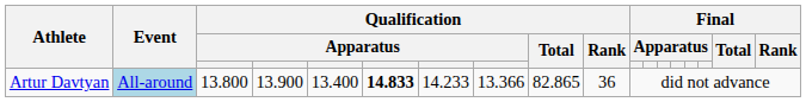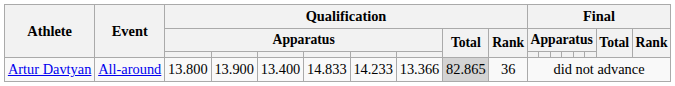 <table class="wikitable" style="font-size:90%">
 <tr>
 <th rowspan=3>Athlete</th>
 <th rowspan=3>Event</th>
 <th colspan =8>Qualification</th>
 <th colspan =8>Final</th>
 </tr>
 <tr style="font-size:95%">
 <th colspan=6>Apparatus</th>
 <th rowspan=2>Total</th>
 <th rowspan=2>Rank</th>
 <th colspan=6>Apparatus</th>
 <th rowspan=2>Total</th>
 <th rowspan=2>Rank</th>
 </tr>
 <tr style="font-size:95%">
 <th></th>
 <th></th>
 <th></th>
 <th></th>
 <th></th>
 <th></th>
 <th></th>
 <th></th>
 <th></th>
 <th></th>
 <th></th>
 <th></th>
 </tr>
 <tr align=center>
 <td align=left><a href='#'>Artur Davtyan</a></td>
-<td align=left style="background: lightblue;"><a href='#'>All-around</a></td>
+<td align=left><a href='#'>All-around</a></td>
 <td>13.800</td>
 <td>13.900</td>
 <td>13.400</td>
-<td><strong>14.833</strong></td>
+<td>14.833</td>
 <td>14.233</td>
 <td>13.366</td>
-<td>82.865</td>
+<td style="background: lightgrey;">82.865</td>
 <td>36</td>
 <td colspan=8>did not advance</td>
 </tr>
 </table>
